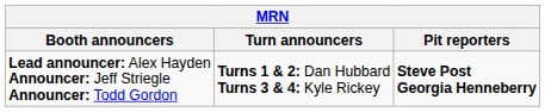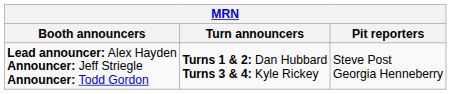 <table class="wikitable" style="font-size: 95%">
 <tr>
 <th colspan="3"><a href='#'>MRN</a></th>
 </tr>
 <tr>
 <th>Booth announcers</th>
 <th>Turn announcers</th>
 <th>Pit reporters</th>
 </tr>
 <tr>
 <td><strong>Lead announcer:</strong> Alex Hayden<br><strong>Announcer:</strong> Jeff Striegle<br><strong>Announcer:</strong> <a href='#'>Todd Gordon</a></td>
 <td><strong>Turns 1 & 2:</strong> Dan Hubbard<br><strong>Turns 3 & 4:</strong> Kyle Rickey</td>
-<td><strong>Steve Post<br>Georgia Henneberry</strong></td>
+<td>Steve Post<br>Georgia Henneberry</td>
 </tr>
 </table>
